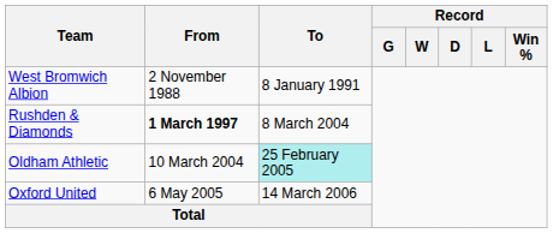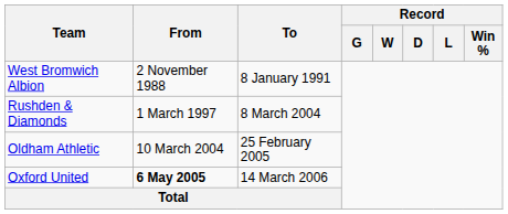 <table class="wikitable" style="text-align: center">
 <tr>
 <th rowspan=2 width=150>Team</th>
 <th rowspan=2 width=120>From</th>
 <th rowspan=2 width=120>To</th>
 <th colspan=5>Record</th>
 </tr>
 <tr>
 <th width=30>G</th>
 <th width=30>W</th>
 <th width=30>D</th>
 <th width=30>L</th>
 <th width=40>Win %</th>
 </tr>
 <tr>
 <td align=left><a href='#'>West Bromwich Albion</a></td>
 <td align=left>2 November 1988</td>
 <td align=left>8 January 1991<br></td>
 </tr>
 <tr>
 <td align=left><a href='#'>Rushden & Diamonds</a></td>
-<td align=left><strong>1 March 1997</strong></td>
+<td align=left>1 March 1997</td>
 <td align=left>8 March 2004<br></td>
 </tr>
 <tr>
 <td align=left><a href='#'>Oldham Athletic</a></td>
 <td align=left>10 March 2004</td>
-<td align=left style="background: paleturquoise;">25 February 2005<br></td>
+<td align=left>25 February 2005<br></td>
 </tr>
 <tr>
 <td align=left><a href='#'>Oxford United</a></td>
-<td align=left>6 May 2005</td>
+<td align=left><strong>6 May 2005</strong></td>
 <td align=left>14 March 2006<br></td>
 </tr>
 <tr>
 <th colspan="3">Total<br></th>
 </tr>
 </table>
